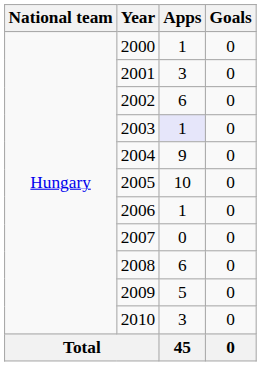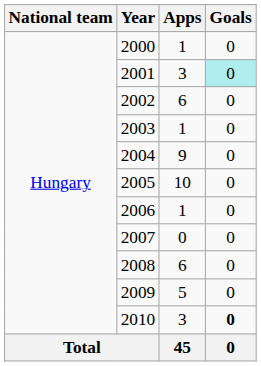 <table class="wikitable" style="text-align:center">
 <tr>
 <th>National team</th>
 <th>Year</th>
 <th>Apps</th>
 <th>Goals</th>
 </tr>
 <tr>
 <td rowspan="11"><a href='#'>Hungary</a></td>
 <td>2000</td>
 <td>1</td>
 <td>0</td>
 </tr>
 <tr>
 <td>2001</td>
 <td>3</td>
-<td>0</td>
+<td style="background: paleturquoise;">0</td>
 </tr>
 <tr>
 <td>2002</td>
 <td>6</td>
 <td>0</td>
 </tr>
 <tr>
 <td>2003</td>
-<td style="background: lavender;">1</td>
+<td>1</td>
 <td>0</td>
 </tr>
 <tr>
 <td>2004</td>
 <td>9</td>
 <td>0</td>
 </tr>
 <tr>
 <td>2005</td>
 <td>10</td>
 <td>0</td>
 </tr>
 <tr>
 <td>2006</td>
 <td>1</td>
 <td>0</td>
 </tr>
 <tr>
 <td>2007</td>
 <td>0</td>
 <td>0</td>
 </tr>
 <tr>
 <td>2008</td>
 <td>6</td>
 <td>0</td>
 </tr>
 <tr>
 <td>2009</td>
 <td>5</td>
 <td>0</td>
 </tr>
 <tr>
 <td>2010</td>
 <td>3</td>
-<td>0</td>
+<td><strong>0</strong></td>
 </tr>
 <tr>
 <th colspan="2">Total</th>
 <th>45</th>
 <th>0</th>
 </tr>
 </table>
